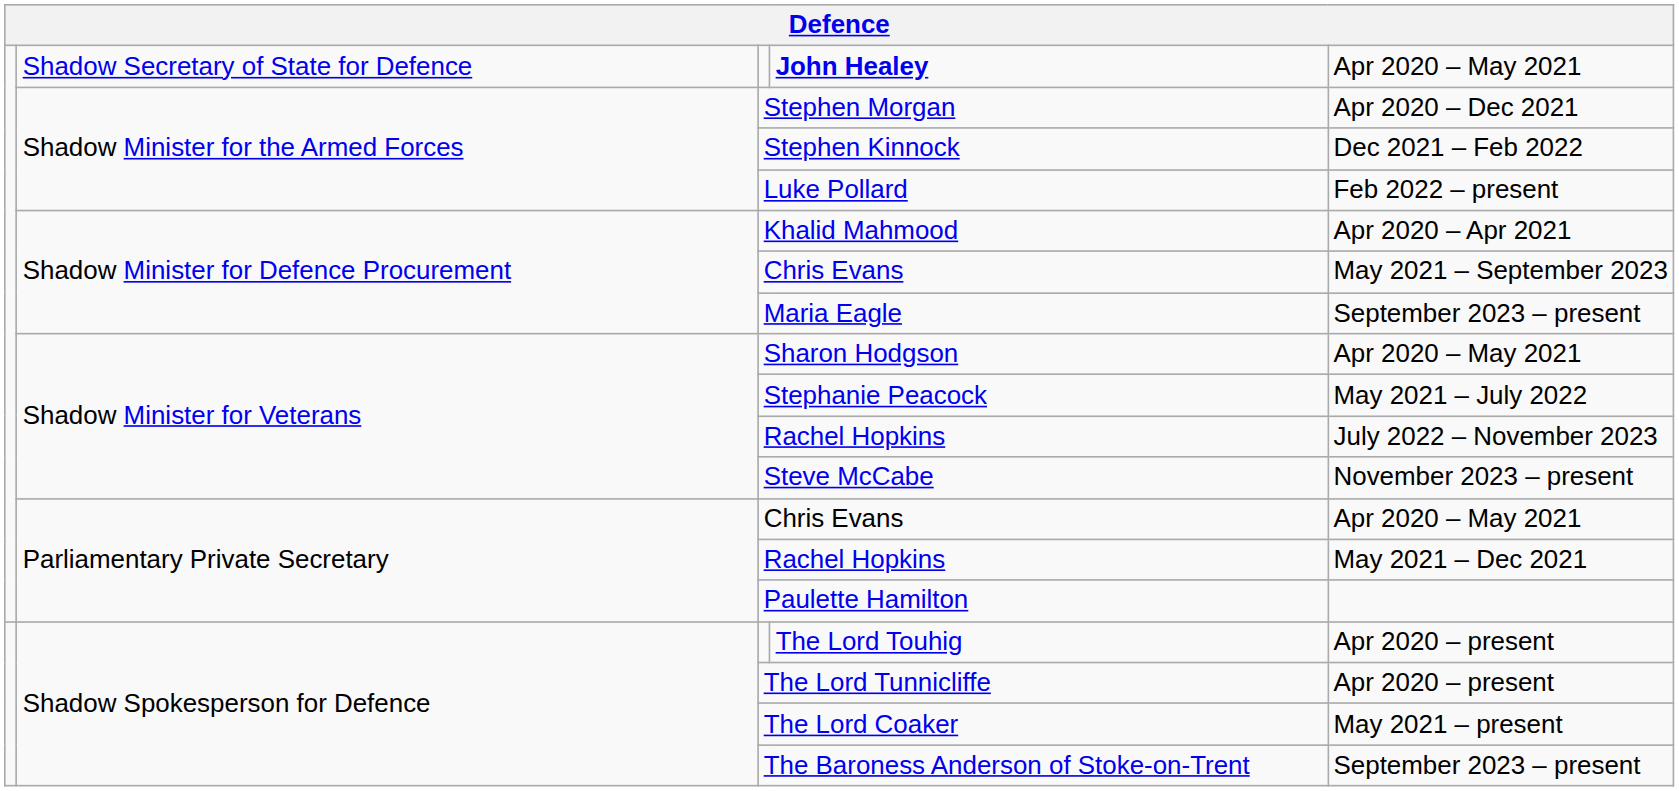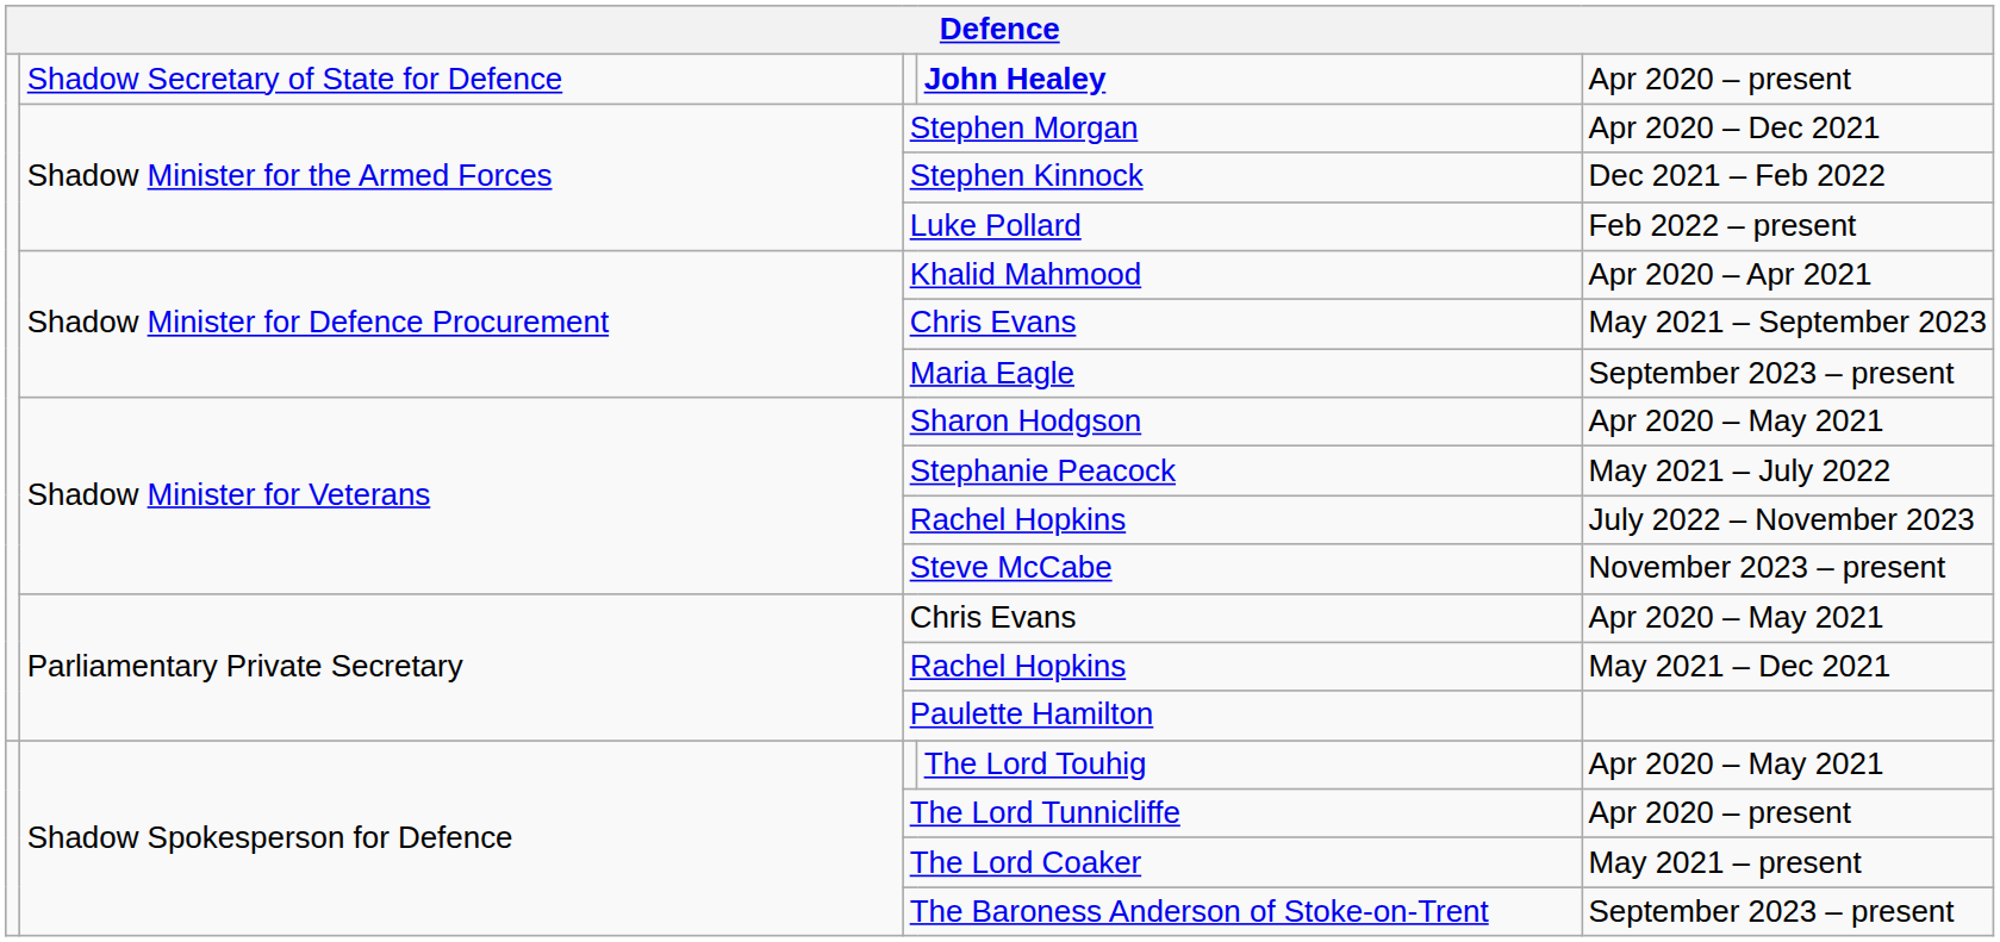 <table class="wikitable">
 <tr>
 <th colspan="5"><a href='#'>Defence</a></th>
 </tr>
 <tr>
 <td rowspan="14" style="background: "></td>
 <td style="width: 450px;"><a href='#'>Shadow Secretary of State for Defence</a></td>
 <td style="background: "></td>
 <td style="width: 337px;"><strong><a href='#'>John Healey</a></strong></td>
-<td>Apr 2020 – May 2021</td>
+<td>Apr 2020 – present</td>
 </tr>
 <tr>
 <td rowspan="3">Shadow <a href='#'>Minister for the Armed Forces</a></td>
 <td colspan="2"><a href='#'>Stephen Morgan</a></td>
 <td>Apr 2020 – Dec 2021</td>
 </tr>
 <tr>
 <td colspan="2"><a href='#'>Stephen Kinnock</a></td>
 <td>Dec 2021 – Feb 2022</td>
 </tr>
 <tr>
 <td colspan="2"><a href='#'>Luke Pollard</a></td>
 <td>Feb 2022 – present</td>
 </tr>
 <tr>
 <td rowspan="3">Shadow <a href='#'>Minister for Defence Procurement</a></td>
 <td colspan="2"><a href='#'>Khalid Mahmood</a></td>
 <td>Apr 2020 – Apr 2021</td>
 </tr>
 <tr>
 <td colspan="2"><a href='#'>Chris Evans</a></td>
 <td>May 2021 – September 2023</td>
 </tr>
 <tr>
 <td colspan="2"><a href='#'>Maria Eagle</a></td>
 <td>September 2023 – present</td>
 </tr>
 <tr>
 <td rowspan="4">Shadow <a href='#'>Minister for Veterans</a></td>
 <td colspan="2"><a href='#'>Sharon Hodgson</a></td>
 <td>Apr 2020 – May 2021</td>
 </tr>
 <tr>
 <td colspan="2"><a href='#'>Stephanie Peacock</a></td>
 <td>May 2021 – July 2022</td>
 </tr>
 <tr>
 <td colspan="2"><a href='#'>Rachel Hopkins</a></td>
 <td>July 2022 – November 2023</td>
 </tr>
 <tr>
 <td colspan="2"><a href='#'>Steve McCabe</a></td>
 <td>November 2023 – present</td>
 </tr>
 <tr>
 <td rowspan="3">Parliamentary Private Secretary</td>
 <td colspan="2">Chris Evans</td>
 <td>Apr 2020 – May 2021</td>
 </tr>
 <tr>
 <td colspan="2"><a href='#'>Rachel Hopkins</a></td>
 <td>May 2021 – Dec 2021</td>
 </tr>
 <tr>
 <td colspan="2"><a href='#'>Paulette Hamilton</a></td>
 <td></td>
 </tr>
 <tr>
 <td rowspan="4" style="background: "></td>
 <td rowspan="4">Shadow Spokesperson for Defence</td>
 <td style="background: "></td>
 <td><a href='#'>The Lord Touhig</a></td>
-<td>Apr 2020 – present</td>
+<td>Apr 2020 – May 2021</td>
 </tr>
 <tr>
 <td colspan=2><a href='#'>The Lord Tunnicliffe</a></td>
 <td>Apr 2020 – present</td>
 </tr>
 <tr>
 <td colspan="2"><a href='#'>The Lord Coaker</a></td>
 <td>May 2021 – present</td>
 </tr>
 <tr>
 <td colspan="2"><a href='#'>The Baroness Anderson of Stoke-on-Trent</a></td>
 <td>September 2023 – present</td>
 </tr>
 </table>
